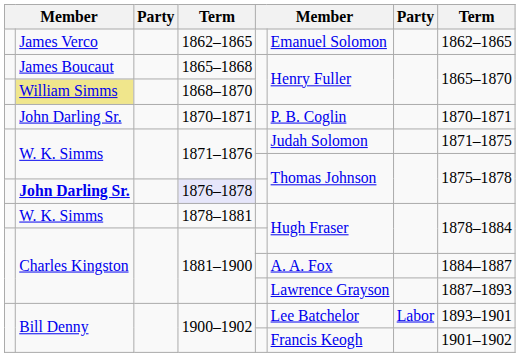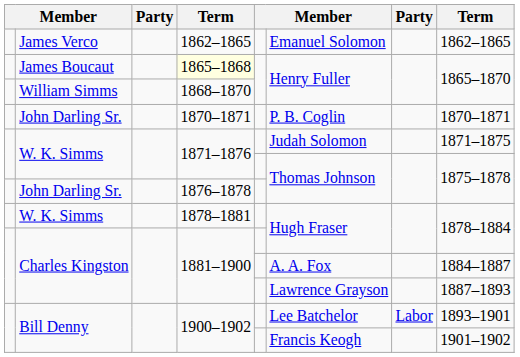 <table class="wikitable">
 <tr>
 <th colspan=2>Member</th>
 <th>Party</th>
 <th>Term</th>
 <th colspan=2>Member</th>
 <th>Party</th>
 <th>Term</th>
 </tr>
 <tr>
 <td> </td>
 <td><a href='#'>James Verco</a></td>
 <td></td>
 <td>1862–1865</td>
 <td> </td>
 <td><a href='#'>Emanuel Solomon</a></td>
 <td></td>
 <td>1862–1865</td>
 </tr>
 <tr>
 <td> </td>
 <td><a href='#'>James Boucaut</a></td>
 <td></td>
-<td>1865–1868</td>
+<td style="background: lightyellow;">1865–1868</td>
 <td rowspan=2 > </td>
 <td rowspan=2><a href='#'>Henry Fuller</a></td>
 <td rowspan=2></td>
 <td rowspan=2>1865–1870</td>
 </tr>
 <tr>
 <td> </td>
-<td style="background: khaki;"><a href='#'>William Simms</a></td>
+<td><a href='#'>William Simms</a></td>
 <td></td>
 <td>1868–1870</td>
 </tr>
 <tr>
 <td> </td>
 <td><a href='#'>John Darling Sr.</a></td>
 <td></td>
 <td>1870–1871</td>
 <td> </td>
 <td><a href='#'>P. B. Coglin</a></td>
 <td></td>
 <td>1870–1871</td>
 </tr>
 <tr>
 <td rowspan=2 > </td>
 <td rowspan=2><a href='#'>W. K. Simms</a></td>
 <td rowspan=2></td>
 <td rowspan=2>1871–1876</td>
 <td> </td>
 <td><a href='#'>Judah Solomon</a></td>
 <td></td>
 <td>1871–1875</td>
 </tr>
 <tr>
 <td> </td>
 <td rowspan=2><a href='#'>Thomas Johnson</a></td>
 <td rowspan=2></td>
 <td rowspan=2>1875–1878</td>
 </tr>
 <tr>
 <td> </td>
-<td><strong><a href='#'>John Darling Sr.</a></strong></td>
+<td><a href='#'>John Darling Sr.</a></td>
 <td></td>
-<td style="background: lavender;">1876–1878</td>
+<td>1876–1878</td>
 <td> </td>
 </tr>
 <tr>
 <td> </td>
 <td><a href='#'>W. K. Simms</a></td>
 <td></td>
 <td>1878–1881</td>
 <td> </td>
 <td rowspan=2><a href='#'>Hugh Fraser</a></td>
 <td rowspan=2></td>
 <td rowspan=2>1878–1884</td>
 </tr>
 <tr>
 <td rowspan=4 > </td>
 <td rowspan=4><a href='#'>Charles Kingston</a></td>
 <td rowspan=4></td>
 <td rowspan=4>1881–1900</td>
 <td> </td>
 </tr>
 <tr>
 <td> </td>
 <td><a href='#'>A. A. Fox</a></td>
 <td></td>
 <td>1884–1887</td>
 </tr>
 <tr>
 <td> </td>
 <td><a href='#'>Lawrence Grayson</a></td>
 <td></td>
 <td>1887–1893</td>
 </tr>
 <tr>
 <td rowspan=2 > </td>
 <td rowspan=2><a href='#'>Lee Batchelor</a></td>
 <td rowspan=2><a href='#'>Labor</a></td>
 <td rowspan=2>1893–1901</td>
 </tr>
 <tr>
 <td rowspan=2 > </td>
 <td rowspan=2><a href='#'>Bill Denny</a></td>
 <td rowspan=2></td>
 <td rowspan=2>1900–1902</td>
 </tr>
 <tr>
 <td> </td>
 <td><a href='#'>Francis Keogh</a></td>
 <td></td>
 <td>1901–1902</td>
 </tr>
 </table>
